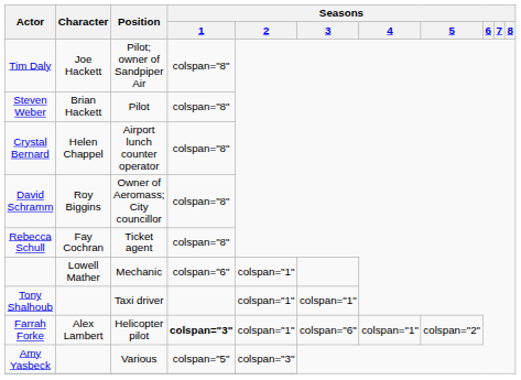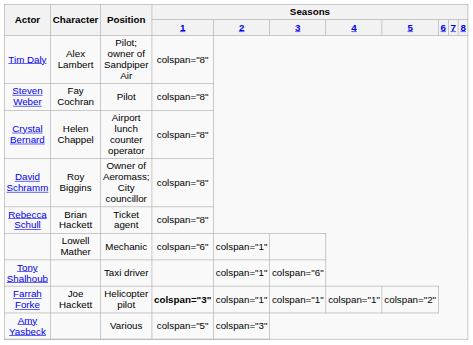 <table class="wikitable plainrowheaders" style="text-align:center; width:60%;">
 <tr>
 <th scope="col" rowspan="2" style="width:14%;">Actor</th>
 <th scope="col" rowspan="2" style="width:15%;">Character</th>
 <th scope="col" rowspan="2" style="width:15%;">Position</th>
 <th scope="col" colspan="8" style="width:56%;">Seasons</th>
 </tr>
 <tr>
 <th scope="col" style="width:7%;"><a href='#'>1</a></th>
 <th scope="col" style="width:7%;"><a href='#'>2</a></th>
 <th scope="col" style="width:7%;"><a href='#'>3</a></th>
 <th scope="col" style="width:7%;"><a href='#'>4</a></th>
 <th scope="col" style="width:7%;"><a href='#'>5</a></th>
 <th scope="col" style="width:7%;"><a href='#'>6</a></th>
 <th scope="col" style="width:7%;"><a href='#'>7</a></th>
 <th scope="col" style="width:7%;"><a href='#'>8</a></th>
 </tr>
 <tr>
 <td scope="row"><a href='#'>Tim Daly</a></td>
-<td>Joe Hackett</td>
+<td>Alex Lambert</td>
 <td>Pilot; owner of Sandpiper Air</td>
 <td>colspan="8" </td>
 </tr>
 <tr>
 <td scope="row"><a href='#'>Steven Weber</a></td>
-<td>Brian Hackett</td>
+<td>Fay Cochran</td>
 <td>Pilot</td>
 <td>colspan="8" </td>
 </tr>
 <tr>
 <td scope="row"><a href='#'>Crystal Bernard</a></td>
 <td>Helen Chappel</td>
 <td>Airport lunch counter operator</td>
 <td>colspan="8" </td>
 </tr>
 <tr>
 <td scope="row"><a href='#'>David Schramm</a></td>
 <td>Roy Biggins</td>
 <td>Owner of Aeromass; City councillor</td>
 <td>colspan="8" </td>
 </tr>
 <tr>
 <td scope="row"><a href='#'>Rebecca Schull</a></td>
-<td>Fay Cochran</td>
+<td>Brian Hackett</td>
 <td>Ticket agent</td>
 <td>colspan="8" </td>
 </tr>
 <tr>
 <td scope="row"></td>
 <td>Lowell Mather</td>
 <td>Mechanic</td>
 <td>colspan="6" </td>
 <td>colspan="1" </td>
 <td></td>
 </tr>
 <tr>
 <td scope="row"><a href='#'>Tony Shalhoub</a></td>
 <td></td>
 <td>Taxi driver</td>
 <td></td>
 <td>colspan="1" </td>
-<td>colspan="1" </td>
+<td>colspan="6" </td>
 </tr>
 <tr>
 <td scope="row"><a href='#'>Farrah Forke</a></td>
-<td>Alex Lambert</td>
+<td>Joe Hackett</td>
 <td>Helicopter pilot</td>
 <td><strong>colspan="3" </strong></td>
 <td>colspan="1" </td>
-<td>colspan="6" </td>
+<td>colspan="1" </td>
 <td>colspan="1" </td>
 <td>colspan="2" </td>
 </tr>
 <tr>
 <td scope="row"><a href='#'>Amy Yasbeck</a></td>
 <td></td>
 <td>Various</td>
 <td>colspan="5" </td>
 <td>colspan="3" </td>
 </tr>
 <tr>
 </tr>
 </table>
